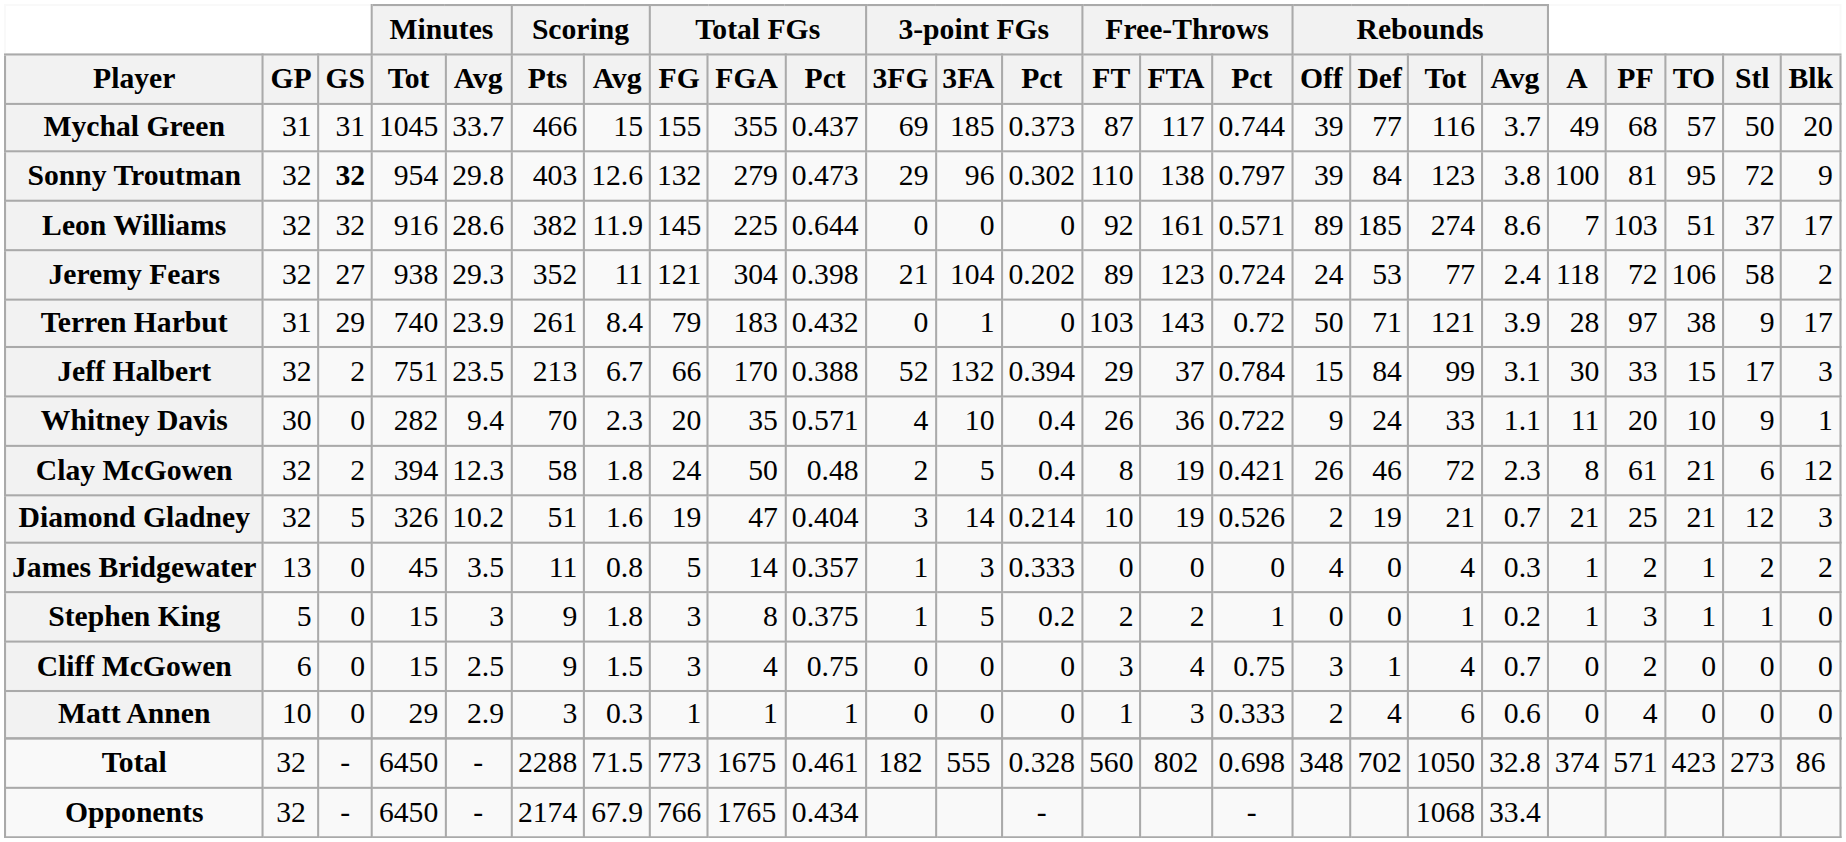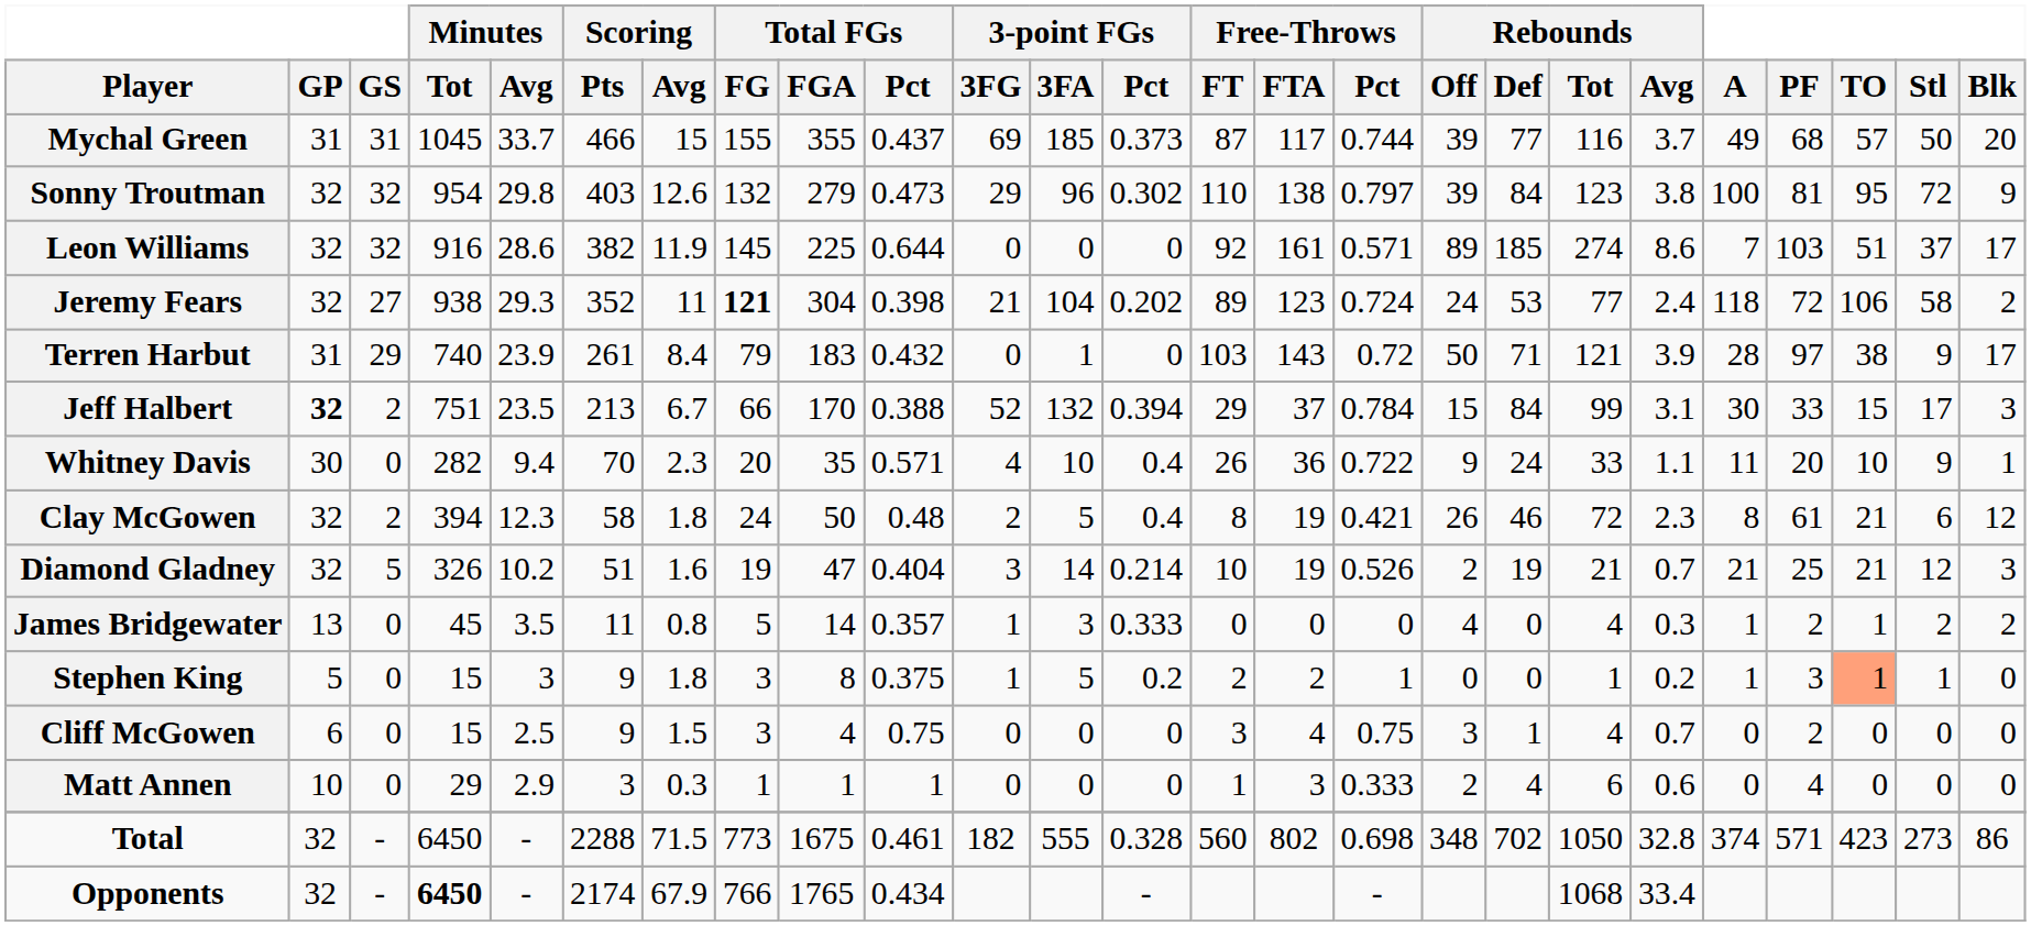 <table class="wikitable sortable" border="1" style="font-size:90%;">
 <tr>
 <th colspan="3" style="border-top-style:hidden; border-left-style:hidden; background: white;"></th>
 <th colspan="2" style=>Minutes</th>
 <th colspan="2" style=>Scoring</th>
 <th colspan="3" style=>Total FGs</th>
 <th colspan="3" style=>3-point FGs</th>
 <th colspan="3" style=>Free-Throws</th>
 <th colspan="4" style=>Rebounds</th>
 <th colspan="5" style="border-top-style:hidden; border-right-style:hidden; background: white;"></th>
 </tr>
 <tr>
 <th scope="col" style=>Player</th>
 <th scope="col" style=>GP</th>
 <th scope="col" style=>GS</th>
 <th scope="col" style=>Tot</th>
 <th scope="col" style=>Avg</th>
 <th scope="col" style=>Pts</th>
 <th scope="col" style=>Avg</th>
 <th scope="col" style=>FG</th>
 <th scope="col" style=>FGA</th>
 <th scope="col" style=>Pct</th>
 <th scope="col" style=>3FG</th>
 <th scope="col" style=>3FA</th>
 <th scope="col" style=>Pct</th>
 <th scope="col" style=>FT</th>
 <th scope="col" style=>FTA</th>
 <th scope="col" style=>Pct</th>
 <th scope="col" style=>Off</th>
 <th scope="col" style=>Def</th>
 <th scope="col" style=>Tot</th>
 <th scope="col" style=>Avg</th>
 <th scope="col" style=>A</th>
 <th scope="col" style=>PF</th>
 <th scope="col" style=>TO</th>
 <th scope="col" style=>Stl</th>
 <th scope="col" style=>Blk</th>
 </tr>
 <tr>
 <th>Mychal Green</th>
 <td align="right">31</td>
 <td align="right">31</td>
 <td align="right">1045</td>
 <td align="right">33.7</td>
 <td align="right">466</td>
 <td align="right">15</td>
 <td align="right">155</td>
 <td align="right">355</td>
 <td align="right">0.437</td>
 <td align="right">69</td>
 <td align="right">185</td>
 <td align="right">0.373</td>
 <td align="right">87</td>
 <td align="right">117</td>
 <td align="right">0.744</td>
 <td align="right">39</td>
 <td align="right">77</td>
 <td align="right">116</td>
 <td align="right">3.7</td>
 <td align="right">49</td>
 <td align="right">68</td>
 <td align="right">57</td>
 <td align="right">50</td>
 <td align="right">20</td>
 </tr>
 <tr>
 <th>Sonny Troutman</th>
 <td align="right">32</td>
-<td align="right"><strong>32</strong></td>
+<td align="right">32</td>
 <td align="right">954</td>
 <td align="right">29.8</td>
 <td align="right">403</td>
 <td align="right">12.6</td>
 <td align="right">132</td>
 <td align="right">279</td>
 <td align="right">0.473</td>
 <td align="right">29</td>
 <td align="right">96</td>
 <td align="right">0.302</td>
 <td align="right">110</td>
 <td align="right">138</td>
 <td align="right">0.797</td>
 <td align="right">39</td>
 <td align="right">84</td>
 <td align="right">123</td>
 <td align="right">3.8</td>
 <td align="right">100</td>
 <td align="right">81</td>
 <td align="right">95</td>
 <td align="right">72</td>
 <td align="right">9</td>
 </tr>
 <tr>
 <th>Leon Williams</th>
 <td align="right">32</td>
 <td align="right">32</td>
 <td align="right">916</td>
 <td align="right">28.6</td>
 <td align="right">382</td>
 <td align="right">11.9</td>
 <td align="right">145</td>
 <td align="right">225</td>
 <td align="right">0.644</td>
 <td align="right">0</td>
 <td align="right">0</td>
 <td align="right">0</td>
 <td align="right">92</td>
 <td align="right">161</td>
 <td align="right">0.571</td>
 <td align="right">89</td>
 <td align="right">185</td>
 <td align="right">274</td>
 <td align="right">8.6</td>
 <td align="right">7</td>
 <td align="right">103</td>
 <td align="right">51</td>
 <td align="right">37</td>
 <td align="right">17</td>
 </tr>
 <tr>
 <th>Jeremy Fears</th>
 <td align="right">32</td>
 <td align="right">27</td>
 <td align="right">938</td>
 <td align="right">29.3</td>
 <td align="right">352</td>
 <td align="right">11</td>
-<td align="right">121</td>
+<td align="right"><strong>121</strong></td>
 <td align="right">304</td>
 <td align="right">0.398</td>
 <td align="right">21</td>
 <td align="right">104</td>
 <td align="right">0.202</td>
 <td align="right">89</td>
 <td align="right">123</td>
 <td align="right">0.724</td>
 <td align="right">24</td>
 <td align="right">53</td>
 <td align="right">77</td>
 <td align="right">2.4</td>
 <td align="right">118</td>
 <td align="right">72</td>
 <td align="right">106</td>
 <td align="right">58</td>
 <td align="right">2</td>
 </tr>
 <tr>
 <th>Terren Harbut</th>
 <td align="right">31</td>
 <td align="right">29</td>
 <td align="right">740</td>
 <td align="right">23.9</td>
 <td align="right">261</td>
 <td align="right">8.4</td>
 <td align="right">79</td>
 <td align="right">183</td>
 <td align="right">0.432</td>
 <td align="right">0</td>
 <td align="right">1</td>
 <td align="right">0</td>
 <td align="right">103</td>
 <td align="right">143</td>
 <td align="right">0.72</td>
 <td align="right">50</td>
 <td align="right">71</td>
 <td align="right">121</td>
 <td align="right">3.9</td>
 <td align="right">28</td>
 <td align="right">97</td>
 <td align="right">38</td>
 <td align="right">9</td>
 <td align="right">17</td>
 </tr>
 <tr>
 <th>Jeff Halbert</th>
-<td align="right">32</td>
+<td align="right"><strong>32</strong></td>
 <td align="right">2</td>
 <td align="right">751</td>
 <td align="right">23.5</td>
 <td align="right">213</td>
 <td align="right">6.7</td>
 <td align="right">66</td>
 <td align="right">170</td>
 <td align="right">0.388</td>
 <td align="right">52</td>
 <td align="right">132</td>
 <td align="right">0.394</td>
 <td align="right">29</td>
 <td align="right">37</td>
 <td align="right">0.784</td>
 <td align="right">15</td>
 <td align="right">84</td>
 <td align="right">99</td>
 <td align="right">3.1</td>
 <td align="right">30</td>
 <td align="right">33</td>
 <td align="right">15</td>
 <td align="right">17</td>
 <td align="right">3</td>
 </tr>
 <tr>
 <th>Whitney Davis</th>
 <td align="right">30</td>
 <td align="right">0</td>
 <td align="right">282</td>
 <td align="right">9.4</td>
 <td align="right">70</td>
 <td align="right">2.3</td>
 <td align="right">20</td>
 <td align="right">35</td>
 <td align="right">0.571</td>
 <td align="right">4</td>
 <td align="right">10</td>
 <td align="right">0.4</td>
 <td align="right">26</td>
 <td align="right">36</td>
 <td align="right">0.722</td>
 <td align="right">9</td>
 <td align="right">24</td>
 <td align="right">33</td>
 <td align="right">1.1</td>
 <td align="right">11</td>
 <td align="right">20</td>
 <td align="right">10</td>
 <td align="right">9</td>
 <td align="right">1</td>
 </tr>
 <tr>
 <th>Clay McGowen</th>
 <td align="right">32</td>
 <td align="right">2</td>
 <td align="right">394</td>
 <td align="right">12.3</td>
 <td align="right">58</td>
 <td align="right">1.8</td>
 <td align="right">24</td>
 <td align="right">50</td>
 <td align="right">0.48</td>
 <td align="right">2</td>
 <td align="right">5</td>
 <td align="right">0.4</td>
 <td align="right">8</td>
 <td align="right">19</td>
 <td align="right">0.421</td>
 <td align="right">26</td>
 <td align="right">46</td>
 <td align="right">72</td>
 <td align="right">2.3</td>
 <td align="right">8</td>
 <td align="right">61</td>
 <td align="right">21</td>
 <td align="right">6</td>
 <td align="right">12</td>
 </tr>
 <tr>
 <th>Diamond Gladney</th>
 <td align="right">32</td>
 <td align="right">5</td>
 <td align="right">326</td>
 <td align="right">10.2</td>
 <td align="right">51</td>
 <td align="right">1.6</td>
 <td align="right">19</td>
 <td align="right">47</td>
 <td align="right">0.404</td>
 <td align="right">3</td>
 <td align="right">14</td>
 <td align="right">0.214</td>
 <td align="right">10</td>
 <td align="right">19</td>
 <td align="right">0.526</td>
 <td align="right">2</td>
 <td align="right">19</td>
 <td align="right">21</td>
 <td align="right">0.7</td>
 <td align="right">21</td>
 <td align="right">25</td>
 <td align="right">21</td>
 <td align="right">12</td>
 <td align="right">3</td>
 </tr>
 <tr>
 <th>James Bridgewater</th>
 <td align="right">13</td>
 <td align="right">0</td>
 <td align="right">45</td>
 <td align="right">3.5</td>
 <td align="right">11</td>
 <td align="right">0.8</td>
 <td align="right">5</td>
 <td align="right">14</td>
 <td align="right">0.357</td>
 <td align="right">1</td>
 <td align="right">3</td>
 <td align="right">0.333</td>
 <td align="right">0</td>
 <td align="right">0</td>
 <td align="right">0</td>
 <td align="right">4</td>
 <td align="right">0</td>
 <td align="right">4</td>
 <td align="right">0.3</td>
 <td align="right">1</td>
 <td align="right">2</td>
 <td align="right">1</td>
 <td align="right">2</td>
 <td align="right">2</td>
 </tr>
 <tr>
 <th>Stephen King</th>
 <td align="right">5</td>
 <td align="right">0</td>
 <td align="right">15</td>
 <td align="right">3</td>
 <td align="right">9</td>
 <td align="right">1.8</td>
 <td align="right">3</td>
 <td align="right">8</td>
 <td align="right">0.375</td>
 <td align="right">1</td>
 <td align="right">5</td>
 <td align="right">0.2</td>
 <td align="right">2</td>
 <td align="right">2</td>
 <td align="right">1</td>
 <td align="right">0</td>
 <td align="right">0</td>
 <td align="right">1</td>
 <td align="right">0.2</td>
 <td align="right">1</td>
 <td align="right">3</td>
-<td align="right">1</td>
+<td align="right" style="background: lightsalmon;">1</td>
 <td align="right">1</td>
 <td align="right">0</td>
 </tr>
 <tr>
 <th>Cliff McGowen</th>
 <td align="right">6</td>
 <td align="right">0</td>
 <td align="right">15</td>
 <td align="right">2.5</td>
 <td align="right">9</td>
 <td align="right">1.5</td>
 <td align="right">3</td>
 <td align="right">4</td>
 <td align="right">0.75</td>
 <td align="right">0</td>
 <td align="right">0</td>
 <td align="right">0</td>
 <td align="right">3</td>
 <td align="right">4</td>
 <td align="right">0.75</td>
 <td align="right">3</td>
 <td align="right">1</td>
 <td align="right">4</td>
 <td align="right">0.7</td>
 <td align="right">0</td>
 <td align="right">2</td>
 <td align="right">0</td>
 <td align="right">0</td>
 <td align="right">0</td>
 </tr>
 <tr>
 <th>Matt Annen</th>
 <td align="right">10</td>
 <td align="right">0</td>
 <td align="right">29</td>
 <td align="right">2.9</td>
 <td align="right">3</td>
 <td align="right">0.3</td>
 <td align="right">1</td>
 <td align="right">1</td>
 <td align="right">1</td>
 <td align="right">0</td>
 <td align="right">0</td>
 <td align="right">0</td>
 <td align="right">1</td>
 <td align="right">3</td>
 <td align="right">0.333</td>
 <td align="right">2</td>
 <td align="right">4</td>
 <td align="right">6</td>
 <td align="right">0.6</td>
 <td align="right">0</td>
 <td align="right">4</td>
 <td align="right">0</td>
 <td align="right">0</td>
 <td align="right">0</td>
 </tr>
 <tr>
 </tr>
 <tr class="sortbottom">
 <td align="center" style=><strong>Total</strong></td>
 <td align="center" style=>32</td>
 <td align="center" style=>-</td>
 <td align="center" style=>6450</td>
 <td align="center" style=>-</td>
 <td align="center" style=>2288</td>
 <td align="center" style=>71.5</td>
 <td align="center" style=>773</td>
 <td align="center" style=>1675</td>
 <td align="center" style=>0.461</td>
 <td align="center" style=>182</td>
 <td align="center" style=>555</td>
 <td align="center" style=>0.328</td>
 <td align="center" style=>560</td>
 <td align="center" style=>802</td>
 <td align="center" style=>0.698</td>
 <td align="center" style=>348</td>
 <td align="center" style=>702</td>
 <td align="center" style=>1050</td>
 <td align="center" style=>32.8</td>
 <td align="center" style=>374</td>
 <td align="center" style=>571</td>
 <td align="center" style=>423</td>
 <td align="center" style=>273</td>
 <td align="center" style=>86</td>
 </tr>
 <tr class="sortbottom">
 <td align="center"><strong>Opponents</strong></td>
 <td align="center">32</td>
 <td align="center">-</td>
-<td align="center">6450</td>
+<td align="center"><strong>6450</strong></td>
 <td align="center">-</td>
 <td align="center">2174</td>
 <td align="center">67.9</td>
 <td align="center">766</td>
 <td align="center">1765</td>
 <td align="center">0.434</td>
 <td align="center"></td>
 <td align="center"></td>
 <td align="center">-</td>
 <td align="center"></td>
 <td align="center"></td>
 <td align="center">-</td>
 <td align="center"></td>
 <td align="center"></td>
 <td align="center">1068</td>
 <td align="center">33.4</td>
 <td align="center"></td>
 <td align="center"></td>
 <td align="center"></td>
 <td align="center"></td>
 <td align="center"></td>
 </tr>
 </table>
